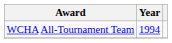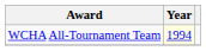 <table class="wikitable">
 <tr>
 <th>Award</th>
 <th>Year</th>
 <th></th>
 </tr>
 <tr>
 <td><a href='#'>WCHA</a> <a href='#'>All-Tournament Team</a></td>
-<td><a href='#'>1994</a></td>
+<td style="background: lightyellow;"><a href='#'>1994</a></td>
 <td></td>
 </tr>
 <tr>
 </tr>
 </table>
